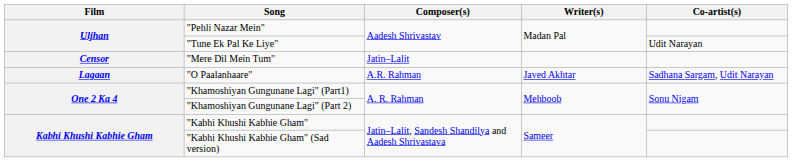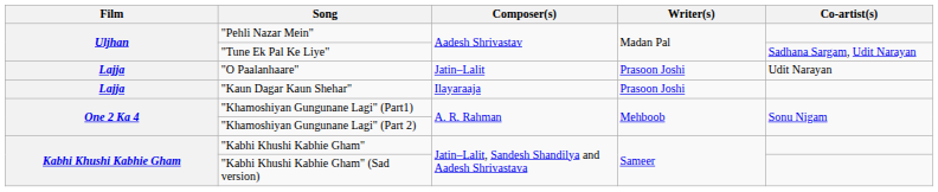 <table class="wikitable plainrowheaders" style="width:100%; textcolor:#000">
 <tr style="background:#b0e0e66;">
 <th scope="col" style="width:23%;"><strong>Film</strong></th>
 <th scope="col" style="width:23%;"><strong>Song</strong></th>
 <th scope="col" style="width:20%;"><strong>Composer(s)</strong></th>
 <th scope="col" style="width:16%;"><strong>Writer(s)</strong></th>
 <th scope="col" style="width:18%;"><strong>Co-artist(s)</strong></th>
 </tr>
 <tr>
 <th rowspan=2><em><a href='#'>Uljhan</a></em></th>
 <td>"Pehli Nazar Mein"</td>
 <td rowspan=2><a href='#'>Aadesh Shrivastav</a></td>
 <td rowspan=2>Madan Pal</td>
 <td></td>
 </tr>
 <tr>
 <td>"Tune Ek Pal Ke Liye"</td>
+<td><a href='#'>Sadhana Sargam</a>, <a href='#'>Udit Narayan</a></td>
+</tr>
+<tr>
+<th><em><a href='#'>Lajja</a></em></th>
+<td>"O Paalanhaare"</td>
+<td><a href='#'>Jatin–Lalit</a></td>
+<td><a href='#'>Prasoon Joshi</a></td>
 <td>Udit Narayan</td>
 </tr>
 <tr>
-<th><em><a href='#'>Censor</a></em></th>
-<td>"Mere Dil Mein Tum"</td>
-<td><a href='#'>Jatin–Lalit</a></td>
+<th><em><a href='#'>Lajja</a></em></th>
+<td>"Kaun Dagar Kaun Shehar"</td>
+<td><a href='#'>Ilayaraaja</a></td>
+<td><a href='#'>Prasoon Joshi</a></td>
 <td></td>
-<td></td>
-</tr>
-<tr>
-<th><em><a href='#'>Lagaan</a></em></th>
-<td>"O Paalanhaare"</td>
-<td><a href='#'>A.R. Rahman</a></td>
-<td><a href='#'>Javed Akhtar</a></td>
-<td><a href='#'>Sadhana Sargam</a>, <a href='#'>Udit Narayan</a></td>
 </tr>
 <tr>
 <th Rowspan=2><em><a href='#'>One 2 Ka 4</a></em></th>
 <td>"Khamoshiyan Gungunane Lagi" (Part1)</td>
 <td rowspan=2><a href='#'>A. R. Rahman</a></td>
 <td rowspan=2><a href='#'>Mehboob</a></td>
 <td rowspan=2><a href='#'>Sonu Nigam</a></td>
 </tr>
 <tr>
 <td>"Khamoshiyan Gungunane Lagi" (Part 2)</td>
 </tr>
 <tr>
 <th Rowspan=2><em><a href='#'>Kabhi Khushi Kabhie Gham</a></em></th>
 <td>"Kabhi Khushi Kabhie Gham"</td>
 <td rowspan=2><a href='#'>Jatin–Lalit</a>, <a href='#'>Sandesh Shandilya</a> and <a href='#'>Aadesh Shrivastava</a></td>
 <td rowspan=2><a href='#'>Sameer</a></td>
 <td></td>
 </tr>
 <tr>
 <td>"Kabhi Khushi Kabhie Gham" (Sad version)</td>
 <td></td>
 </tr>
 </table>
